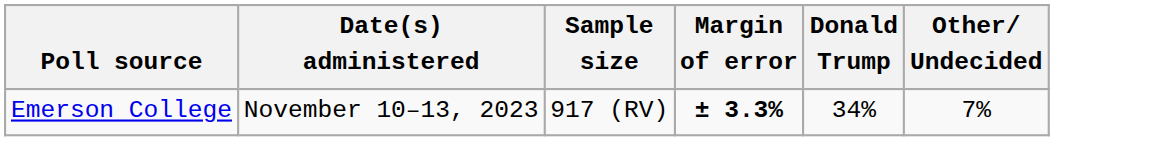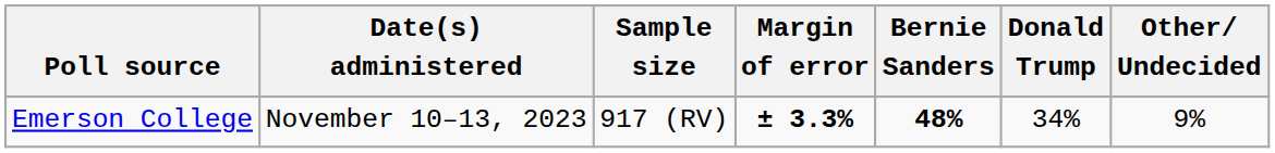 <table class="wikitable sortable mw-datatable" style="font-size:90%;text-align:center;line-height:17px">
 <tr valign=bottom>
 <th>Poll source</th>
 <th>Date(s)<br>administered</th>
 <th>Sample<br>size</th>
 <th>Margin<br>of error</th>
+<th class="unsortable">Bernie<br>Sanders<br></th>
 <th class="unsortable">Donald<br>Trump<br></th>
 <th class="unsortable">Other/<br>Undecided</th>
 </tr>
 <tr>
 <td style="text-align:left;"><a href='#'>Emerson College</a></td>
 <td data-sort-value="2021-12-12">November 10–13, 2023</td>
 <td>917 (RV)</td>
 <td><strong>± 3.3%</strong></td>
+<td style="color:black;background-color:"><strong>48%</strong></td>
 <td>34%</td>
-<td>7%</td>
+<td>9%</td>
 </tr>
 </table>
